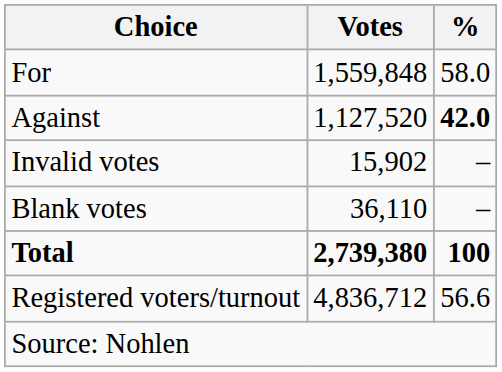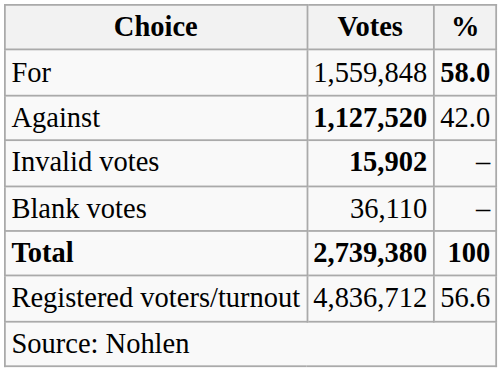 <table class=wikitable style=text-align:right>
 <tr>
 <th>Choice</th>
 <th>Votes</th>
 <th>%</th>
 </tr>
 <tr>
 <td align=left>For</td>
 <td>1,559,848</td>
-<td>58.0</td>
+<td><strong>58.0</strong></td>
 </tr>
 <tr>
 <td align=left>Against</td>
-<td>1,127,520</td>
-<td><strong>42.0</strong></td>
+<td><strong>1,127,520</strong></td>
+<td>42.0</td>
 </tr>
 <tr>
 <td align=left>Invalid votes</td>
-<td>15,902</td>
+<td><strong>15,902</strong></td>
 <td>–</td>
 </tr>
 <tr>
 <td align=left>Blank votes</td>
 <td>36,110</td>
 <td>–</td>
 </tr>
 <tr>
 <td align=left><strong>Total</strong></td>
 <td><strong>2,739,380</strong></td>
 <td><strong>100</strong></td>
 </tr>
 <tr>
 <td align=left>Registered voters/turnout</td>
 <td>4,836,712</td>
 <td>56.6</td>
 </tr>
 <tr>
 <td align=left colspan=3>Source: Nohlen</td>
 </tr>
 </table>
